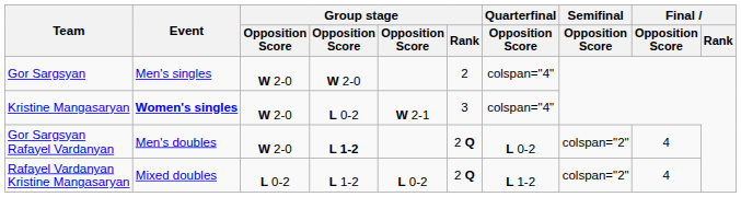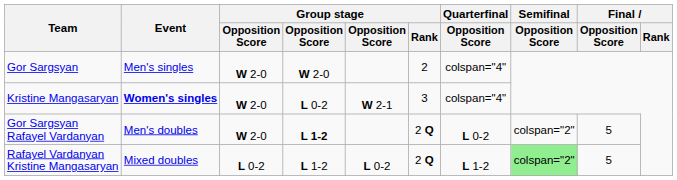 <table class="wikitable" style="text-align:center; font-size:90%">
 <tr>
 <th rowspan="2">Team</th>
 <th rowspan="2">Event</th>
 <th colspan="4">Group stage</th>
 <th>Quarterfinal</th>
 <th>Semifinal</th>
 <th colspan="2">Final / </th>
 </tr>
 <tr style="font-size:95%">
 <th>Opposition<br>Score</th>
 <th>Opposition<br>Score</th>
 <th>Opposition<br>Score</th>
 <th>Rank</th>
 <th>Opposition<br>Score</th>
 <th>Opposition<br>Score</th>
 <th>Opposition<br>Score</th>
 <th>Rank</th>
 </tr>
 <tr>
 <td align="left"><a href='#'>Gor Sargsyan</a></td>
 <td align="left"><a href='#'>Men's singles</a></td>
 <td><br><strong>W</strong> 2-0</td>
 <td><br><strong>W</strong> 2-0</td>
 <td></td>
 <td>2</td>
 <td>colspan="4" </td>
 </tr>
 <tr>
 <td align="left"><a href='#'>Kristine Mangasaryan</a></td>
 <td align="left"><strong><a href='#'>Women's singles</a></strong></td>
 <td><br><strong>W</strong> 2-0</td>
 <td><br><strong>L</strong> 0-2</td>
 <td><br><strong>W</strong> 2-1</td>
 <td>3</td>
 <td>colspan="4" </td>
 </tr>
 <tr>
 <td align="left"><a href='#'>Gor Sargsyan</a><br><a href='#'>Rafayel Vardanyan</a></td>
 <td align="left"><a href='#'>Men's doubles</a></td>
 <td><br><strong>W</strong> 2-0</td>
 <td><br><strong>L 1-2</strong></td>
 <td></td>
 <td>2 <strong>Q</strong></td>
 <td><br><strong>L</strong> 0-2</td>
 <td>colspan="2" </td>
-<td>4</td>
+<td>5</td>
 </tr>
 <tr>
 <td align="left"><a href='#'>Rafayel Vardanyan</a><br><a href='#'>Kristine Mangasaryan</a></td>
 <td align="left"><a href='#'>Mixed doubles</a></td>
 <td><br><strong>L</strong> 0-2</td>
 <td><br><strong>L</strong> 1-2</td>
 <td><br><strong>L</strong> 0-2</td>
 <td>2 <strong>Q</strong></td>
 <td><br><strong>L</strong> 1-2</td>
-<td>colspan="2" </td>
-<td>4</td>
+<td style="background: lightgreen;">colspan="2" </td>
+<td>5</td>
 </tr>
 </table>
